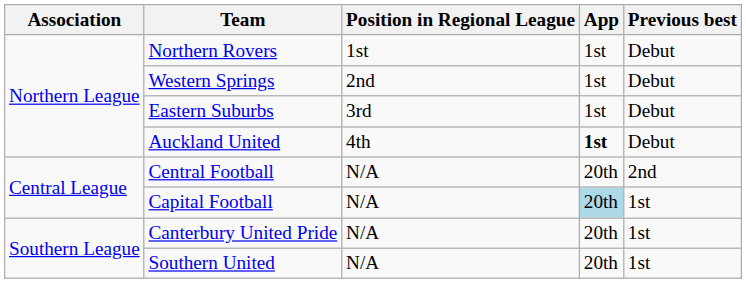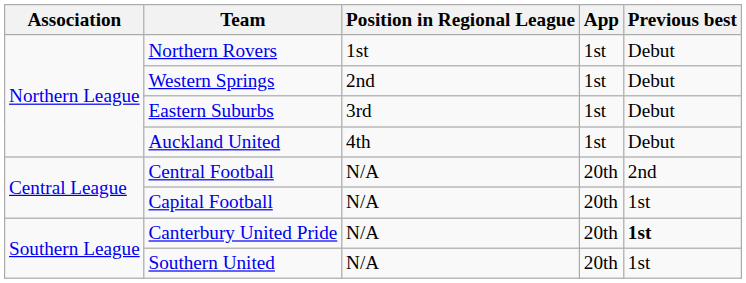 <table class="wikitable">
 <tr>
 <th>Association</th>
 <th>Team</th>
 <th>Position in Regional League</th>
 <th>App </th>
 <th>Previous best </th>
 </tr>
 <tr>
 <td rowspan=4><a href='#'>Northern League</a> </td>
 <td><a href='#'>Northern Rovers</a></td>
 <td>1st</td>
 <td>1st</td>
 <td>Debut</td>
 </tr>
 <tr>
 <td><a href='#'>Western Springs</a></td>
 <td>2nd</td>
 <td>1st</td>
 <td>Debut</td>
 </tr>
 <tr>
 <td><a href='#'>Eastern Suburbs</a></td>
 <td>3rd</td>
 <td>1st</td>
 <td>Debut</td>
 </tr>
 <tr>
 <td><a href='#'>Auckland United</a></td>
 <td>4th</td>
-<td><strong>1st</strong></td>
+<td>1st</td>
 <td>Debut</td>
 </tr>
 <tr>
 <td rowspan=2><a href='#'>Central League</a> </td>
 <td><a href='#'>Central Football</a></td>
 <td>N/A</td>
 <td>20th </td>
 <td>2nd </td>
 </tr>
 <tr>
 <td><a href='#'>Capital Football</a></td>
 <td>N/A</td>
-<td style="background: lightblue;">20th </td>
+<td>20th </td>
 <td>1st </td>
 </tr>
 <tr>
 <td rowspan=2><a href='#'>Southern League</a> </td>
 <td><a href='#'>Canterbury United Pride</a></td>
 <td>N/A</td>
 <td>20th </td>
-<td>1st </td>
+<td><strong>1st </strong></td>
 </tr>
 <tr>
 <td><a href='#'>Southern United</a></td>
 <td>N/A</td>
 <td>20th </td>
 <td>1st </td>
 </tr>
 </table>
